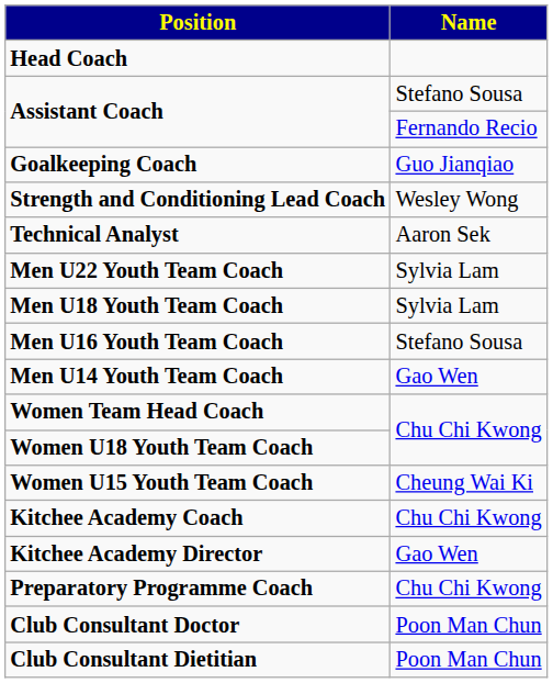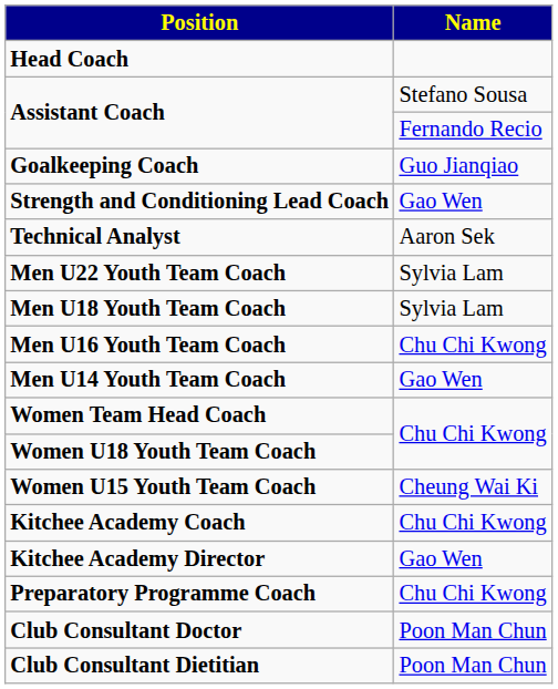 <table class="wikitable">
 <tr>
 <th style="color:yellow; background:#00008B;">Position</th>
 <th style="color:yellow; background:#00008B;">Name</th>
 </tr>
 <tr>
 <td><strong>Head Coach</strong></td>
 <td></td>
 </tr>
 <tr>
 <td rowspan="2"><strong>Assistant Coach</strong></td>
 <td> Stefano Sousa</td>
 </tr>
 <tr>
 <td> <a href='#'>Fernando Recio</a></td>
 </tr>
 <tr>
 <td><strong>Goalkeeping Coach</strong></td>
 <td> <a href='#'>Guo Jianqiao</a></td>
 </tr>
 <tr>
 <td><strong>Strength and Conditioning Lead Coach</strong></td>
-<td> Wesley Wong</td>
+<td> <a href='#'>Gao Wen</a></td>
 </tr>
 <tr>
 <td><strong>Technical Analyst</strong></td>
 <td> Aaron Sek</td>
 </tr>
 <tr>
 <td><strong>Men U22 Youth Team Coach</strong></td>
 <td> Sylvia Lam</td>
 </tr>
 <tr>
 <td><strong>Men U18 Youth Team Coach</strong></td>
 <td> Sylvia Lam</td>
 </tr>
 <tr>
 <td><strong>Men U16 Youth Team Coach</strong></td>
-<td> Stefano Sousa</td>
+<td> <a href='#'>Chu Chi Kwong</a></td>
 </tr>
 <tr>
 <td><strong>Men U14 Youth Team Coach</strong></td>
 <td> <a href='#'>Gao Wen</a></td>
 </tr>
 <tr>
 <td><strong>Women Team Head Coach</strong></td>
 <td rowspan="2"> <a href='#'>Chu Chi Kwong</a></td>
 </tr>
 <tr>
 <td><strong>Women U18 Youth Team Coach</strong></td>
 </tr>
 <tr>
 <td><strong>Women U15 Youth Team Coach</strong></td>
 <td> <a href='#'>Cheung Wai Ki</a></td>
 </tr>
 <tr>
 <td><strong>Kitchee Academy Coach</strong></td>
 <td> <a href='#'>Chu Chi Kwong</a></td>
 </tr>
 <tr>
 <td><strong>Kitchee Academy Director</strong></td>
 <td> <a href='#'>Gao Wen</a></td>
 </tr>
 <tr>
 <td><strong>Preparatory Programme Coach</strong></td>
 <td> <a href='#'>Chu Chi Kwong</a></td>
 </tr>
 <tr>
 <td><strong>Club Consultant Doctor</strong></td>
 <td> <a href='#'>Poon Man Chun</a></td>
 </tr>
 <tr>
 <td><strong>Club Consultant Dietitian</strong></td>
 <td> <a href='#'>Poon Man Chun</a></td>
 </tr>
 </table>
